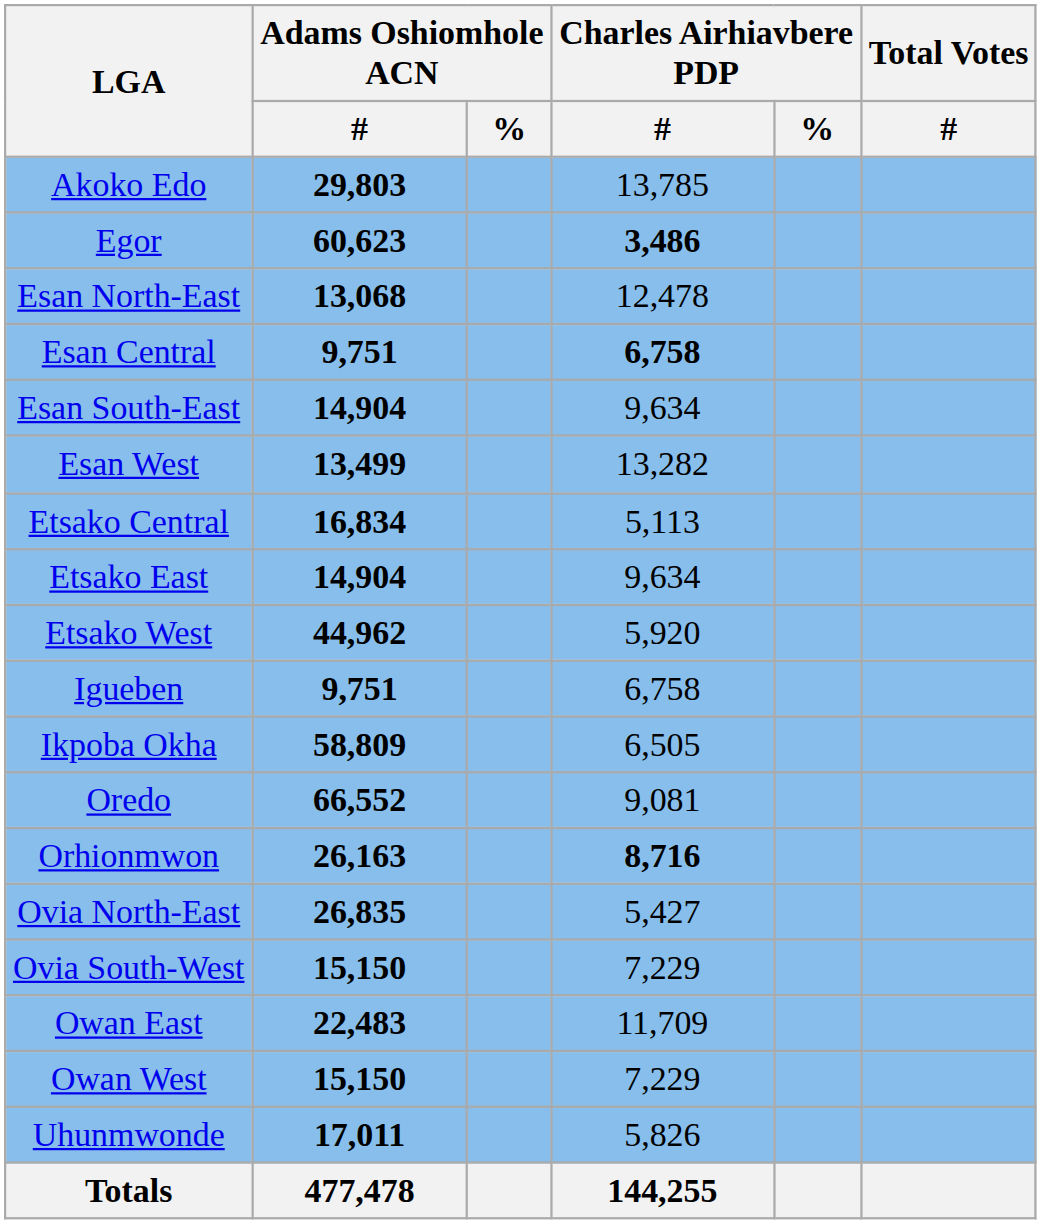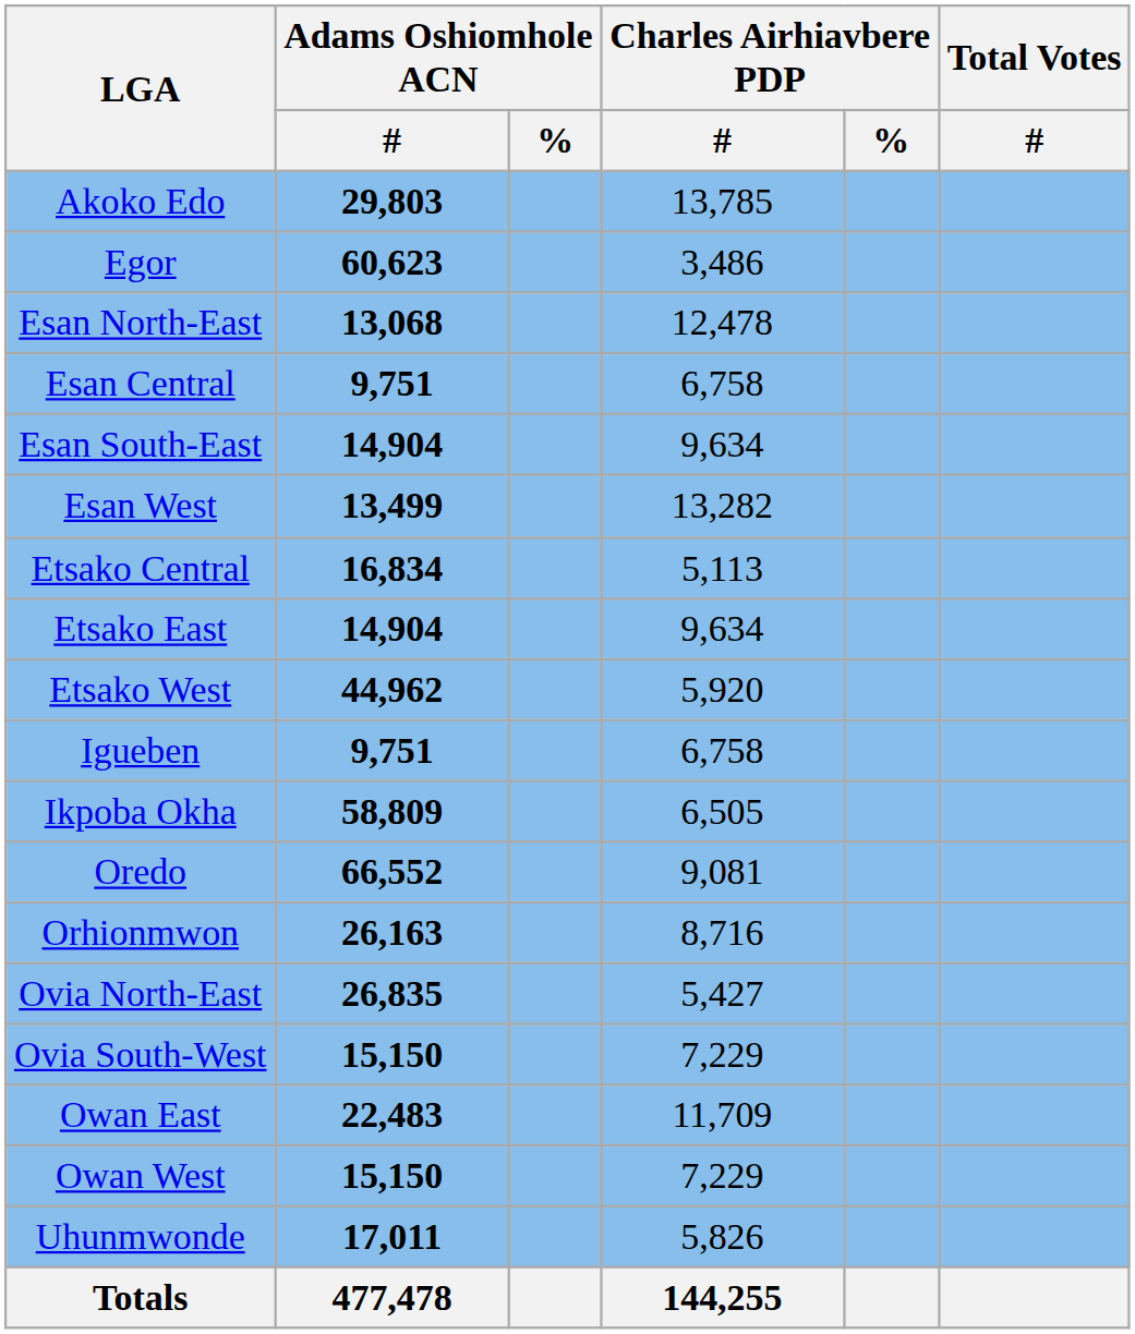 <table class="wikitable sortable" style=" font-size: 95%">
 <tr>
 <th rowspan="2">LGA</th>
 <th colspan="2">Adams Oshiomhole<br>ACN</th>
 <th colspan="2">Charles Airhiavbere<br>PDP</th>
 <th>Total Votes</th>
 </tr>
 <tr>
 <th>#</th>
 <th>%</th>
 <th>#</th>
 <th>%</th>
 <th>#</th>
 </tr>
 <tr>
 <td bgcolor=#87BEEB align="center"><a href='#'>Akoko Edo</a></td>
 <td bgcolor=#87BEEB align="center"><strong>29,803</strong></td>
 <td bgcolor=#87BEEB align="center"></td>
 <td bgcolor=#87BEEB align="center">13,785</td>
 <td bgcolor=#87BEEB align="center"></td>
 <td bgcolor=#87BEEB align="center"></td>
 </tr>
 <tr>
 <td bgcolor=#87BEEB align="center"><a href='#'>Egor</a></td>
 <td bgcolor=#87BEEB align="center"><strong>60,623</strong></td>
 <td bgcolor=#87BEEB align="center"></td>
-<td bgcolor=#87BEEB align="center"><strong>3,486</strong></td>
+<td bgcolor=#87BEEB align="center">3,486</td>
 <td bgcolor=#87BEEB align="center"></td>
 <td bgcolor=#87BEEB align="center"></td>
 </tr>
 <tr>
 <td bgcolor=#87BEEB align="center"><a href='#'>Esan North-East</a></td>
 <td bgcolor=#87BEEB align="center"><strong>13,068</strong></td>
 <td bgcolor=#87BEEB align="center"></td>
 <td bgcolor=#87BEEB align="center">12,478</td>
 <td bgcolor=#87BEEB align="center"></td>
 <td bgcolor=#87BEEB align="center"></td>
 </tr>
 <tr>
 <td bgcolor=#87BEEB align="center"><a href='#'>Esan Central</a></td>
 <td bgcolor=#87BEEB align="center"><strong>9,751</strong></td>
 <td bgcolor=#87BEEB align="center"></td>
-<td bgcolor=#87BEEB align="center"><strong>6,758</strong></td>
+<td bgcolor=#87BEEB align="center">6,758</td>
 <td bgcolor=#87BEEB align="center"></td>
 <td bgcolor=#87BEEB align="center"></td>
 </tr>
 <tr>
 <td bgcolor=#87BEEB align="center"><a href='#'>Esan South-East</a></td>
 <td bgcolor=#87BEEB align="center"><strong>14,904</strong></td>
 <td bgcolor=#87BEEB align="center"></td>
 <td bgcolor=#87BEEB align="center">9,634</td>
 <td bgcolor=#87BEEB align="center"></td>
 <td bgcolor=#87BEEB align="center"></td>
 </tr>
 <tr>
 <td bgcolor=#87BEEB align="center"><a href='#'>Esan West</a></td>
 <td bgcolor=#87BEEB align="center"><strong>13,499</strong></td>
 <td bgcolor=#87BEEB align="center"></td>
 <td bgcolor=#87BEEB align="center">13,282</td>
 <td bgcolor=#87BEEB align="center"></td>
 <td bgcolor=#87BEEB align="center"></td>
 </tr>
 <tr>
 <td bgcolor=#87BEEB align="center"><a href='#'>Etsako Central</a></td>
 <td bgcolor=#87BEEB align="center"><strong>16,834</strong></td>
 <td bgcolor=#87BEEB align="center"></td>
 <td bgcolor=#87BEEB align="center">5,113</td>
 <td bgcolor=#87BEEB align="center"></td>
 <td bgcolor=#87BEEB align="center"></td>
 </tr>
 <tr>
 <td bgcolor=#87BEEB align="center"><a href='#'>Etsako East</a></td>
 <td bgcolor=#87BEEB align="center"><strong>14,904</strong></td>
 <td bgcolor=#87BEEB align="center"></td>
 <td bgcolor=#87BEEB align="center">9,634</td>
 <td bgcolor=#87BEEB align="center"></td>
 <td bgcolor=#87BEEB align="center"></td>
 </tr>
 <tr>
 <td bgcolor=#87BEEB align="center"><a href='#'>Etsako West</a></td>
 <td bgcolor=#87BEEB align="center"><strong>44,962</strong></td>
 <td bgcolor=#87BEEB align="center"></td>
 <td bgcolor=#87BEEB align="center">5,920</td>
 <td bgcolor=#87BEEB align="center"></td>
 <td bgcolor=#87BEEB align="center"></td>
 </tr>
 <tr>
 <td bgcolor=#87BEEB align="center"><a href='#'>Igueben</a></td>
 <td bgcolor=#87BEEB align="center"><strong>9,751</strong></td>
 <td bgcolor=#87BEEB align="center"></td>
 <td bgcolor=#87BEEB align="center">6,758</td>
 <td bgcolor=#87BEEB align="center"></td>
 <td bgcolor=#87BEEB align="center"></td>
 </tr>
 <tr>
 <td bgcolor=#87BEEB align="center"><a href='#'>Ikpoba Okha</a></td>
 <td bgcolor=#87BEEB align="center"><strong>58,809</strong></td>
 <td bgcolor=#87BEEB align="center"></td>
 <td bgcolor=#87BEEB align="center">6,505</td>
 <td bgcolor=#87BEEB align="center"></td>
 <td bgcolor=#87BEEB align="center"></td>
 </tr>
 <tr>
 <td bgcolor=#87BEEB align="center"><a href='#'>Oredo</a></td>
 <td bgcolor=#87BEEB align="center"><strong>66,552</strong></td>
 <td bgcolor=#87BEEB align="center"></td>
 <td bgcolor=#87BEEB align="center">9,081</td>
 <td bgcolor=#87BEEB align="center"></td>
 <td bgcolor=#87BEEB align="center"></td>
 </tr>
 <tr>
 <td bgcolor=#87BEEB align="center"><a href='#'>Orhionmwon</a></td>
 <td bgcolor=#87BEEB align="center"><strong>26,163</strong></td>
 <td bgcolor=#87BEEB align="center"></td>
-<td bgcolor=#87BEEB align="center"><strong>8,716</strong></td>
+<td bgcolor=#87BEEB align="center">8,716</td>
 <td bgcolor=#87BEEB align="center"></td>
 <td bgcolor=#87BEEB align="center"></td>
 </tr>
 <tr>
 <td bgcolor=#87BEEB align="center"><a href='#'>Ovia North-East</a></td>
 <td bgcolor=#87BEEB align="center"><strong>26,835</strong></td>
 <td bgcolor=#87BEEB align="center"></td>
 <td bgcolor=#87BEEB align="center">5,427</td>
 <td bgcolor=#87BEEB align="center"></td>
 <td bgcolor=#87BEEB align="center"></td>
 </tr>
 <tr>
 <td bgcolor=#87BEEB align="center"><a href='#'>Ovia South-West</a></td>
 <td bgcolor=#87BEEB align="center"><strong>15,150</strong></td>
 <td bgcolor=#87BEEB align="center"></td>
 <td bgcolor=#87BEEB align="center">7,229</td>
 <td bgcolor=#87BEEB align="center"></td>
 <td bgcolor=#87BEEB align="center"></td>
 </tr>
 <tr>
 <td bgcolor=#87BEEB align="center"><a href='#'>Owan East</a></td>
 <td bgcolor=#87BEEB align="center"><strong>22,483</strong></td>
 <td bgcolor=#87BEEB align="center"></td>
 <td bgcolor=#87BEEB align="center">11,709</td>
 <td bgcolor=#87BEEB align="center"></td>
 <td bgcolor=#87BEEB align="center"></td>
 </tr>
 <tr>
 <td bgcolor=#87BEEB align="center"><a href='#'>Owan West</a></td>
 <td bgcolor=#87BEEB align="center"><strong>15,150</strong></td>
 <td bgcolor=#87BEEB align="center"></td>
 <td bgcolor=#87BEEB align="center">7,229</td>
 <td bgcolor=#87BEEB align="center"></td>
 <td bgcolor=#87BEEB align="center"></td>
 </tr>
 <tr>
 <td bgcolor=#87BEEB align="center"><a href='#'>Uhunmwonde</a></td>
 <td bgcolor=#87BEEB align="center"><strong>17,011</strong></td>
 <td bgcolor=#87BEEB align="center"></td>
 <td bgcolor=#87BEEB align="center">5,826</td>
 <td bgcolor=#87BEEB align="center"></td>
 <td bgcolor=#87BEEB align="center"></td>
 </tr>
 <tr>
 <th>Totals</th>
 <th><strong>477,478</strong></th>
 <th></th>
 <th><strong>144,255</strong></th>
 <th></th>
 <th></th>
 </tr>
 </table>
